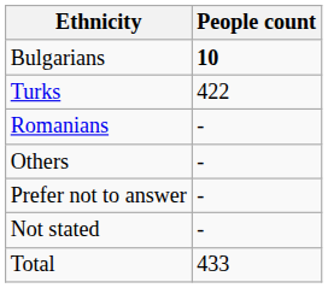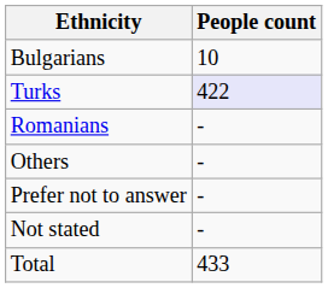 <table class="wikitable">
 <tr>
 <th>Ethnicity</th>
 <th>People count</th>
 </tr>
 <tr>
 <td>Bulgarians</td>
-<td><strong>10</strong></td>
+<td>10</td>
 </tr>
 <tr>
 <td><a href='#'>Turks</a></td>
-<td>422</td>
+<td style="background: lavender;">422</td>
 </tr>
 <tr>
 <td><a href='#'>Romanians</a></td>
 <td>-</td>
 </tr>
 <tr>
 <td>Others</td>
 <td>-</td>
 </tr>
 <tr>
 <td>Prefer not to answer</td>
 <td>-</td>
 </tr>
 <tr>
 <td>Not stated</td>
 <td>-</td>
 </tr>
 <tr>
 <td>Total</td>
 <td>433</td>
 </tr>
 </table>
